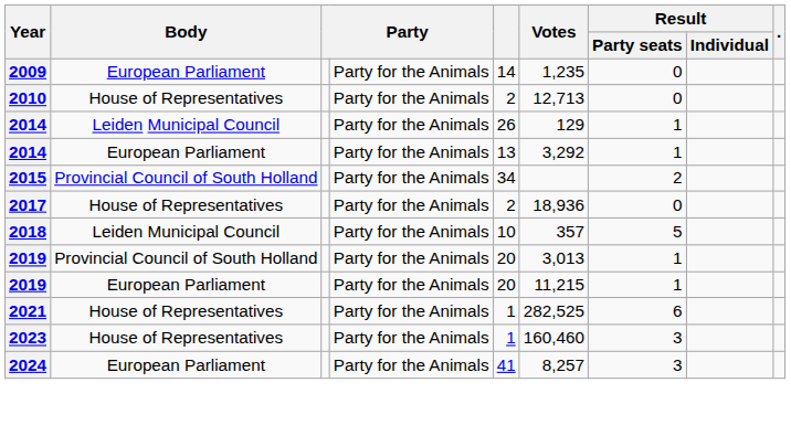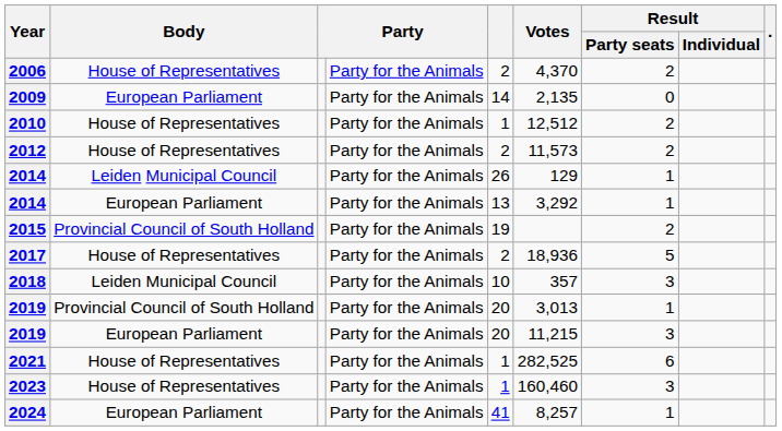 <table class="wikitable plainrowheaders sortable" border=2 cellpadding=4 cellspacing=0 style="border: 1px #aaa solid; font-size: 90%; text-align:center;">
 <tr>
 <th scope="col" rowspan=2>Year</th>
 <th scope="col" rowspan=2>Body</th>
 <th scope="col" colspan=2 rowspan=2>Party</th>
 <th scope="col" rowspan=2></th>
 <th scope="col" rowspan=2>Votes</th>
 <th scope="colgroup" colspan=2>Result</th>
 <th scope="col" rowspan=2 class="unsortable">.</th>
 </tr>
 <tr>
 <th scope="col">Party seats</th>
 <th scope="col">Individual</th>
 </tr>
 <tr>
+<th scope="row"><a href='#'>2006</a></th>
+<td><a href='#'>House of Representatives</a></td>
+<td style="background-color:"></td>
+<td><a href='#'>Party for the Animals</a></td>
+<td style=text-align:right>2</td>
+<td style=text-align:right>4,370</td>
+<td style=text-align:right>2</td>
+<td></td>
+<td></td>
+</tr>
+<tr>
 <th scope="row"><a href='#'>2009</a></th>
 <td><a href='#'>European Parliament</a></td>
 <td style="background-color:"></td>
 <td>Party for the Animals</td>
 <td style=text-align:right>14</td>
-<td style=text-align:right>1,235</td>
+<td style=text-align:right>2,135</td>
 <td style=text-align:right>0</td>
 <td></td>
 <td></td>
 </tr>
 <tr>
 <th scope="row"><a href='#'>2010</a></th>
 <td>House of Representatives</td>
 <td style="background-color:"></td>
 <td>Party for the Animals</td>
+<td style=text-align:right>1</td>
+<td style=text-align:right>12,512</td>
 <td style=text-align:right>2</td>
-<td style=text-align:right>12,713</td>
-<td style=text-align:right>0</td>
+<td></td>
+<td></td>
+</tr>
+<tr>
+<th scope="row"><a href='#'>2012</a></th>
+<td>House of Representatives</td>
+<td style="background-color:"></td>
+<td>Party for the Animals</td>
+<td style=text-align:right>2</td>
+<td style=text-align:right>11,573</td>
+<td style=text-align:right>2</td>
 <td></td>
 <td></td>
 </tr>
 <tr>
 <th scope="row"><a href='#'>2014</a></th>
 <td><a href='#'>Leiden</a> <a href='#'>Municipal Council</a></td>
 <td style="background-color:"></td>
 <td>Party for the Animals</td>
 <td style=text-align:right>26</td>
 <td style=text-align:right>129</td>
 <td style=text-align:right>1</td>
 <td></td>
 <td></td>
 </tr>
 <tr>
 <th scope="row"><a href='#'>2014</a></th>
 <td>European Parliament</td>
 <td style="background-color:"></td>
 <td>Party for the Animals</td>
 <td style=text-align:right>13</td>
 <td style=text-align:right>3,292</td>
 <td style=text-align:right>1</td>
 <td></td>
 <td></td>
 </tr>
 <tr>
 <th scope="row"><a href='#'>2015</a></th>
 <td><a href='#'>Provincial Council of South Holland</a></td>
 <td style="background-color:"></td>
 <td>Party for the Animals</td>
-<td style=text-align:right>34</td>
+<td style=text-align:right>19</td>
 <td style=text-align:right></td>
 <td style=text-align:right>2</td>
 <td></td>
 <td></td>
 </tr>
 <tr>
 <th scope="row"><a href='#'>2017</a></th>
 <td>House of Representatives</td>
 <td style="background-color:"></td>
 <td>Party for the Animals</td>
 <td style=text-align:right>2</td>
 <td style=text-align:right>18,936</td>
-<td style=text-align:right>0</td>
+<td style=text-align:right>5</td>
 <td></td>
 <td></td>
 </tr>
 <tr>
 <th scope="row"><a href='#'>2018</a></th>
 <td>Leiden Municipal Council</td>
 <td style="background-color:"></td>
 <td>Party for the Animals</td>
 <td style=text-align:right>10</td>
 <td style=text-align:right>357</td>
-<td style=text-align:right>5</td>
+<td style=text-align:right>3</td>
 <td></td>
 <td></td>
 </tr>
 <tr>
 <th scope="row"><a href='#'>2019</a></th>
 <td>Provincial Council of South Holland</td>
 <td style="background-color:"></td>
 <td>Party for the Animals</td>
 <td style=text-align:right>20</td>
 <td style=text-align:right>3,013</td>
 <td style=text-align:right>1</td>
 <td></td>
 <td></td>
 </tr>
 <tr>
 <th scope="row"><a href='#'>2019</a></th>
 <td>European Parliament</td>
 <td style="background-color:"></td>
 <td>Party for the Animals</td>
 <td style=text-align:right>20</td>
 <td style=text-align:right>11,215</td>
-<td style=text-align:right>1</td>
+<td style=text-align:right>3</td>
 <td></td>
 <td></td>
 </tr>
 <tr>
 <th scope="row"><a href='#'>2021</a></th>
 <td>House of Representatives</td>
 <td style="background-color:"></td>
 <td>Party for the Animals</td>
 <td style=text-align:right>1</td>
 <td style=text-align:right>282,525</td>
 <td style=text-align:right>6</td>
 <td></td>
 <td></td>
 </tr>
 <tr>
 <th scope="row"><a href='#'>2023</a></th>
 <td>House of Representatives</td>
 <td style="background-color:"></td>
 <td>Party for the Animals</td>
 <td style=text-align:right><a href='#'>1</a></td>
 <td style=text-align:right>160,460</td>
 <td style=text-align:right>3</td>
 <td></td>
 <td></td>
 </tr>
 <tr>
 <th scope="row"><a href='#'>2024</a></th>
 <td>European Parliament</td>
 <td style="background-color:"></td>
 <td>Party for the Animals</td>
 <td style=text-align:right><a href='#'>41</a></td>
 <td style=text-align:right>8,257</td>
-<td style=text-align:right>3</td>
+<td style=text-align:right>1</td>
 <td></td>
 <td></td>
 </tr>
 </table>
